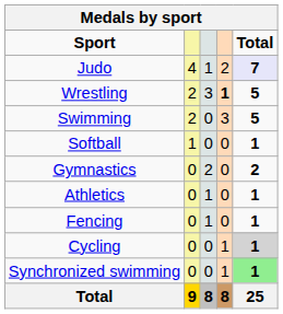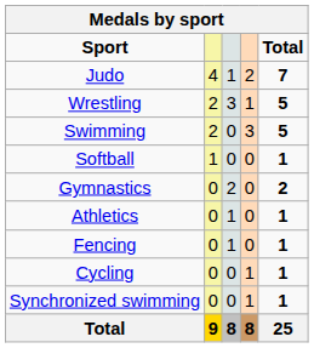 <table class="wikitable" style="font-size:95%">
 <tr style="background:#efefef;">
 <th colspan=5>Medals by sport</th>
 </tr>
 <tr align=center>
 <td><strong>Sport</strong></td>
 <td bgcolor=#f7f6a8></td>
 <td bgcolor=#dce5e5></td>
 <td bgcolor=#ffdab9></td>
 <td><strong>Total</strong></td>
 </tr>
 <tr align=center>
 <td><a href='#'>Judo</a></td>
 <td style="background:#F7F6A8;">4</td>
 <td style="background:#DCE5E5;">1</td>
 <td style="background:#FFDAB9;">2</td>
-<td style="background: lavender;"><strong>7</strong></td>
+<td><strong>7</strong></td>
 </tr>
 <tr align=center>
 <td><a href='#'>Wrestling</a></td>
 <td style="background:#F7F6A8;">2</td>
 <td style="background:#DCE5E5;">3</td>
-<td style="background:#FFDAB9;"><strong>1</strong></td>
+<td style="background:#FFDAB9;">1</td>
 <td><strong>5</strong></td>
 </tr>
 <tr align=center>
 <td><a href='#'>Swimming</a></td>
 <td style="background:#F7F6A8;">2</td>
 <td style="background:#DCE5E5;">0</td>
 <td style="background:#FFDAB9;">3</td>
 <td><strong>5</strong></td>
 </tr>
 <tr align=center>
 <td><a href='#'>Softball</a></td>
 <td style="background:#F7F6A8;">1</td>
 <td style="background:#DCE5E5;">0</td>
 <td style="background:#FFDAB9;">0</td>
 <td><strong>1</strong></td>
 </tr>
 <tr align=center>
 <td><a href='#'>Gymnastics</a></td>
 <td style="background:#F7F6A8;">0</td>
 <td style="background:#DCE5E5;">2</td>
 <td style="background:#FFDAB9;">0</td>
 <td><strong>2</strong></td>
 </tr>
 <tr align=center>
 <td><a href='#'>Athletics</a></td>
 <td style="background:#F7F6A8;">0</td>
 <td style="background:#DCE5E5;">1</td>
 <td style="background:#FFDAB9;">0</td>
 <td><strong>1</strong></td>
 </tr>
 <tr align=center>
 <td><a href='#'>Fencing</a></td>
 <td style="background:#F7F6A8;">0</td>
 <td style="background:#DCE5E5;">1</td>
 <td style="background:#FFDAB9;">0</td>
 <td><strong>1</strong></td>
 </tr>
 <tr align=center>
 <td><a href='#'>Cycling</a></td>
 <td style="background:#F7F6A8;">0</td>
 <td style="background:#DCE5E5;">0</td>
 <td style="background:#FFDAB9;">1</td>
-<td style="background: lightgrey;"><strong>1</strong></td>
+<td><strong>1</strong></td>
 </tr>
 <tr align=center>
 <td><a href='#'>Synchronized swimming</a></td>
 <td style="background:#F7F6A8;">0</td>
 <td style="background:#DCE5E5;">0</td>
 <td style="background:#FFDAB9;">1</td>
-<td style="background: lightgreen;"><strong>1</strong></td>
+<td><strong>1</strong></td>
 </tr>
 <tr align=center>
 <th>Total</th>
 <th style="background:gold;">9</th>
 <th style="background:silver;">8</th>
 <th style="background:#c96;">8</th>
 <th>25</th>
 </tr>
 </table>
